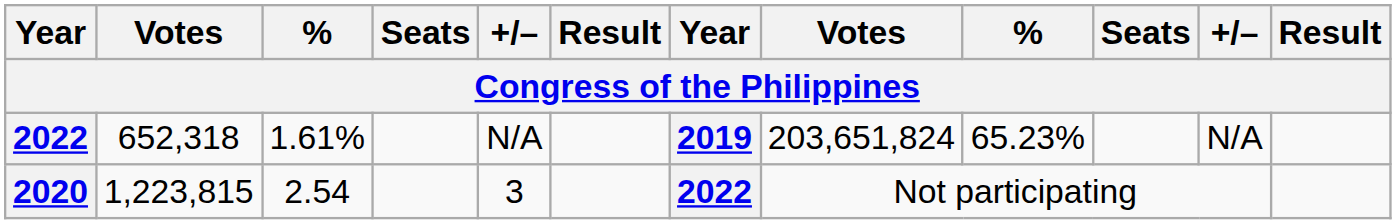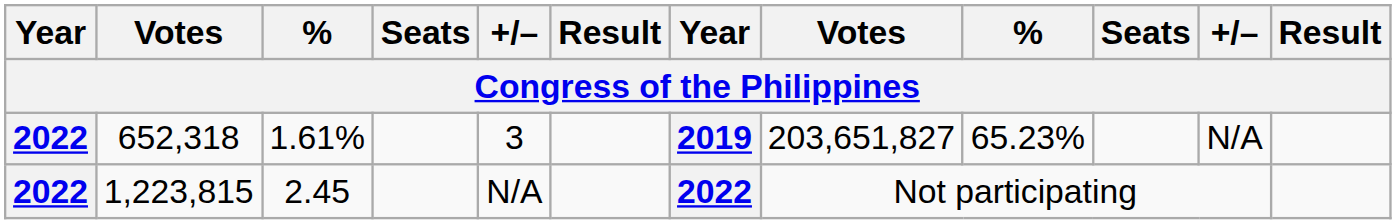 <table class="wikitable" style="text-align:center; font-size:90%">
 <tr>
 <th>Year</th>
 <th>Votes</th>
 <th>%</th>
 <th>Seats</th>
 <th>+/–</th>
 <th>Result</th>
 <th>Year</th>
 <th>Votes</th>
 <th>%</th>
 <th>Seats</th>
 <th>+/–</th>
 <th>Result</th>
 </tr>
 <tr>
 <th colspan="12"><a href='#'>Congress of the Philippines</a></th>
 </tr>
 <tr>
 <th><a href='#'>2022</a></th>
 <td>652,318</td>
 <td>1.61%</td>
 <td></td>
-<td>N/A</td>
+<td> 3</td>
 <td></td>
 <th><a href='#'>2019</a></th>
-<td>203,651,824</td>
+<td>203,651,827</td>
 <td>65.23%</td>
 <td></td>
 <td>N/A</td>
 <td></td>
 </tr>
 <tr>
-<th><a href='#'>2020</a></th>
+<th><a href='#'>2022</a></th>
 <td>1,223,815</td>
-<td>2.54</td>
+<td>2.45</td>
 <td></td>
-<td> 3</td>
+<td>N/A</td>
 <td></td>
 <th><a href='#'>2022</a></th>
 <td colspan="4">Not participating</td>
 <td></td>
 </tr>
 </table>
